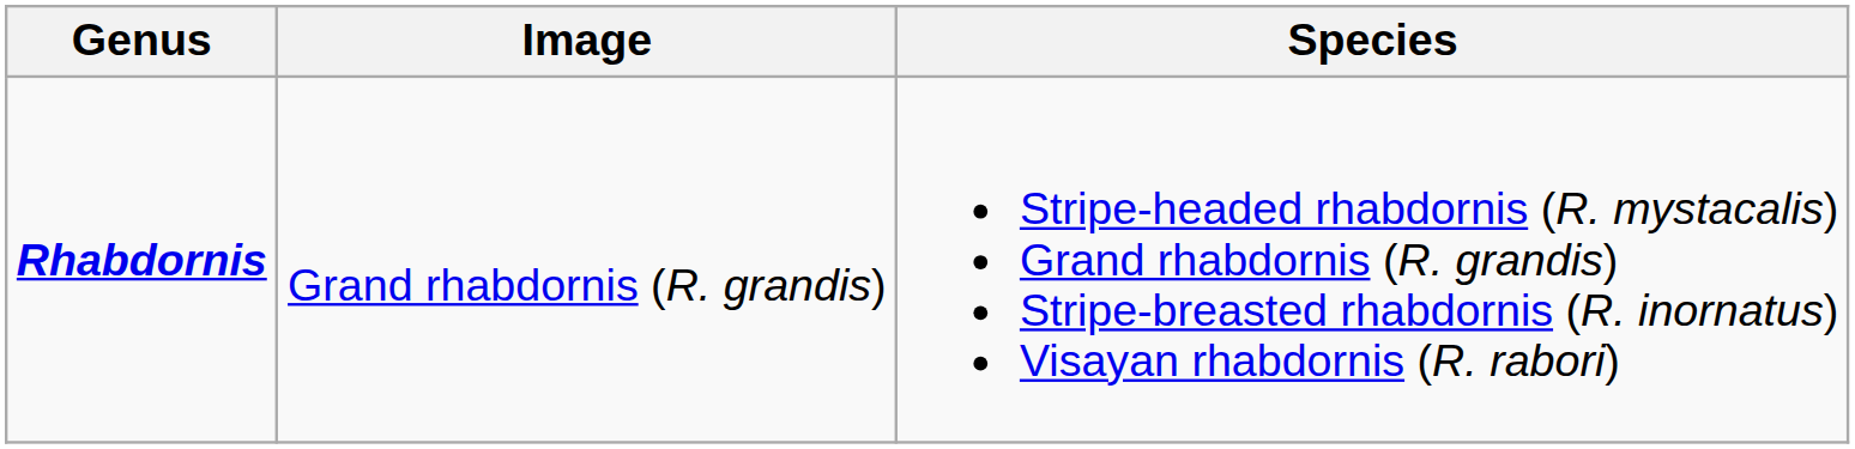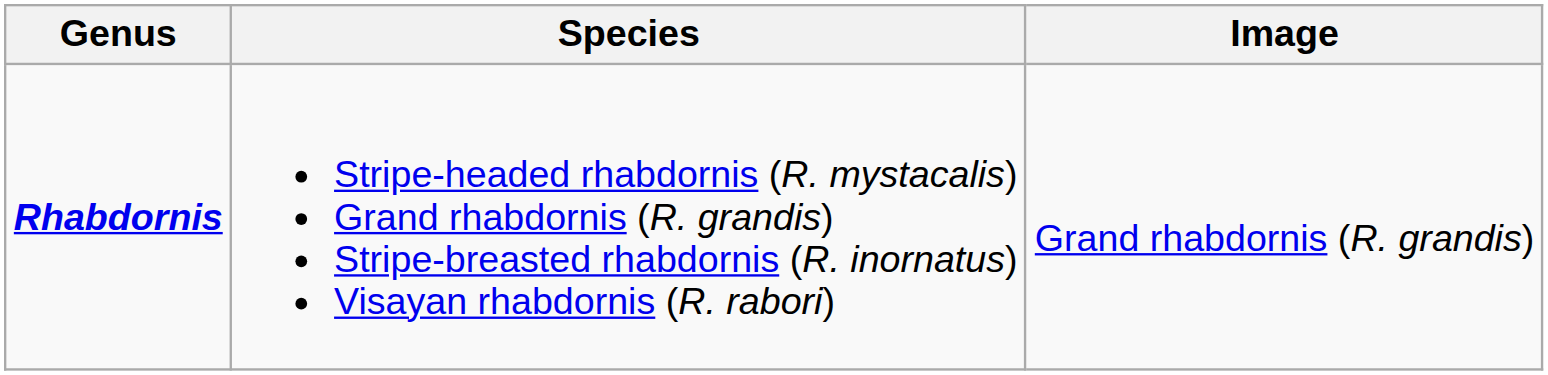 <table class="wikitable">
 <tr>
 <th>Genus</th>
+<th>Species</th>
 <th>Image</th>
-<th>Species</th>
 </tr>
 <tr>
 <td><strong><em><a href='#'>Rhabdornis</a></em></strong></td>
+<td><br><ul><li><a href='#'>Stripe-headed rhabdornis</a> (<em>R. mystacalis</em>)</li><li><a href='#'>Grand rhabdornis</a> (<em>R. grandis</em>)</li><li><a href='#'>Stripe-breasted rhabdornis</a> (<em>R. inornatus</em>)</li><li><a href='#'>Visayan rhabdornis</a> (<em>R. rabori</em>)</li></ul></td>
 <td><br><a href='#'>Grand rhabdornis</a>  (<em>R. grandis</em>)</td>
-<td><br><ul><li><a href='#'>Stripe-headed rhabdornis</a> (<em>R. mystacalis</em>)</li><li><a href='#'>Grand rhabdornis</a> (<em>R. grandis</em>)</li><li><a href='#'>Stripe-breasted rhabdornis</a> (<em>R. inornatus</em>)</li><li><a href='#'>Visayan rhabdornis</a> (<em>R. rabori</em>)</li></ul></td>
 </tr>
 </table>
